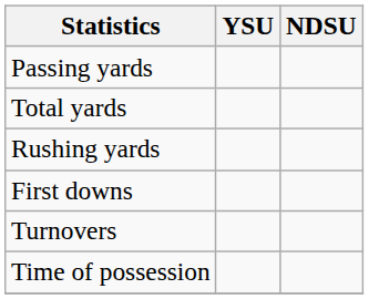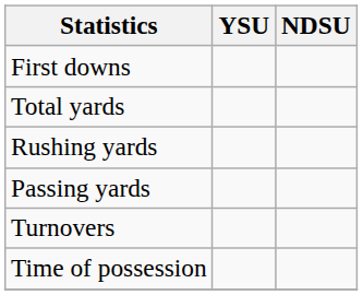 <table class="wikitable" style="float: left;">
 <tr>
 <th>Statistics</th>
 <th>YSU</th>
 <th>NDSU</th>
 </tr>
 <tr>
-<td>Passing yards</td>
+<td>First downs</td>
 <td></td>
 <td></td>
 </tr>
 <tr>
 <td>Total yards</td>
 <td></td>
 <td></td>
 </tr>
 <tr>
 <td>Rushing yards</td>
 <td></td>
 <td></td>
 </tr>
 <tr>
-<td>First downs</td>
+<td>Passing yards</td>
 <td></td>
 <td></td>
 </tr>
 <tr>
 <td>Turnovers</td>
 <td></td>
 <td></td>
 </tr>
 <tr>
 <td>Time of possession</td>
 <td></td>
 <td></td>
 </tr>
 <tr>
 </tr>
 </table>
